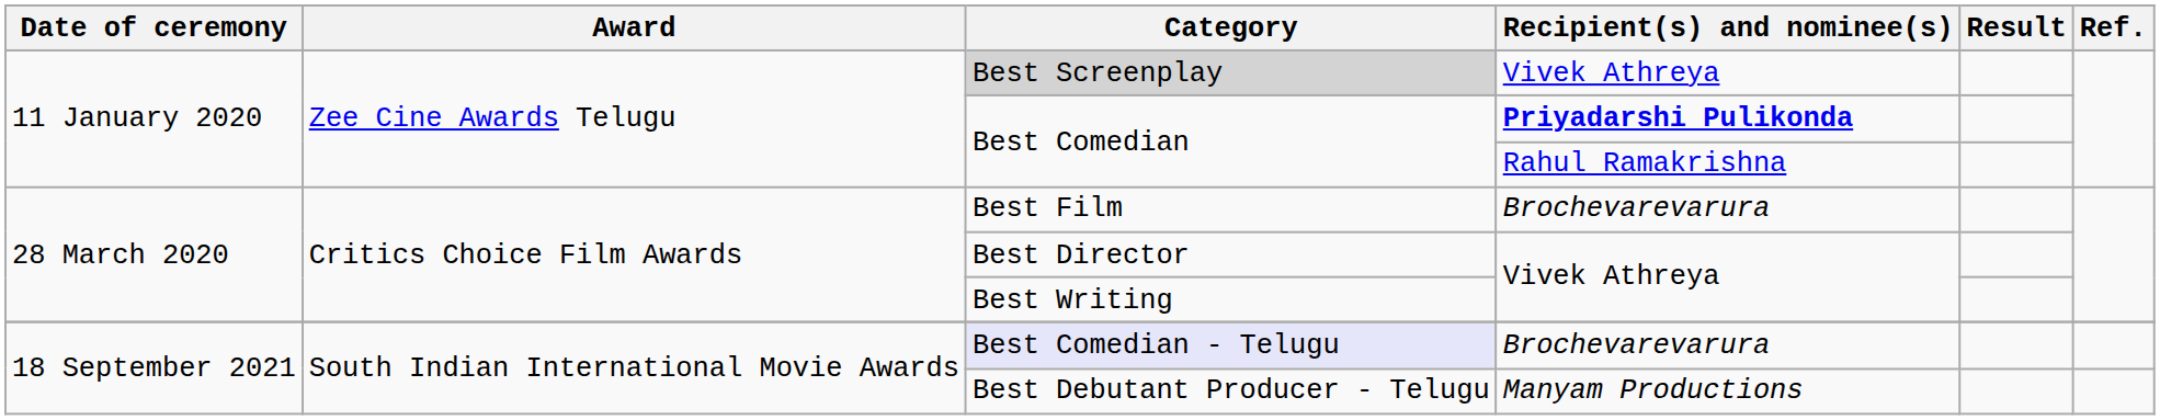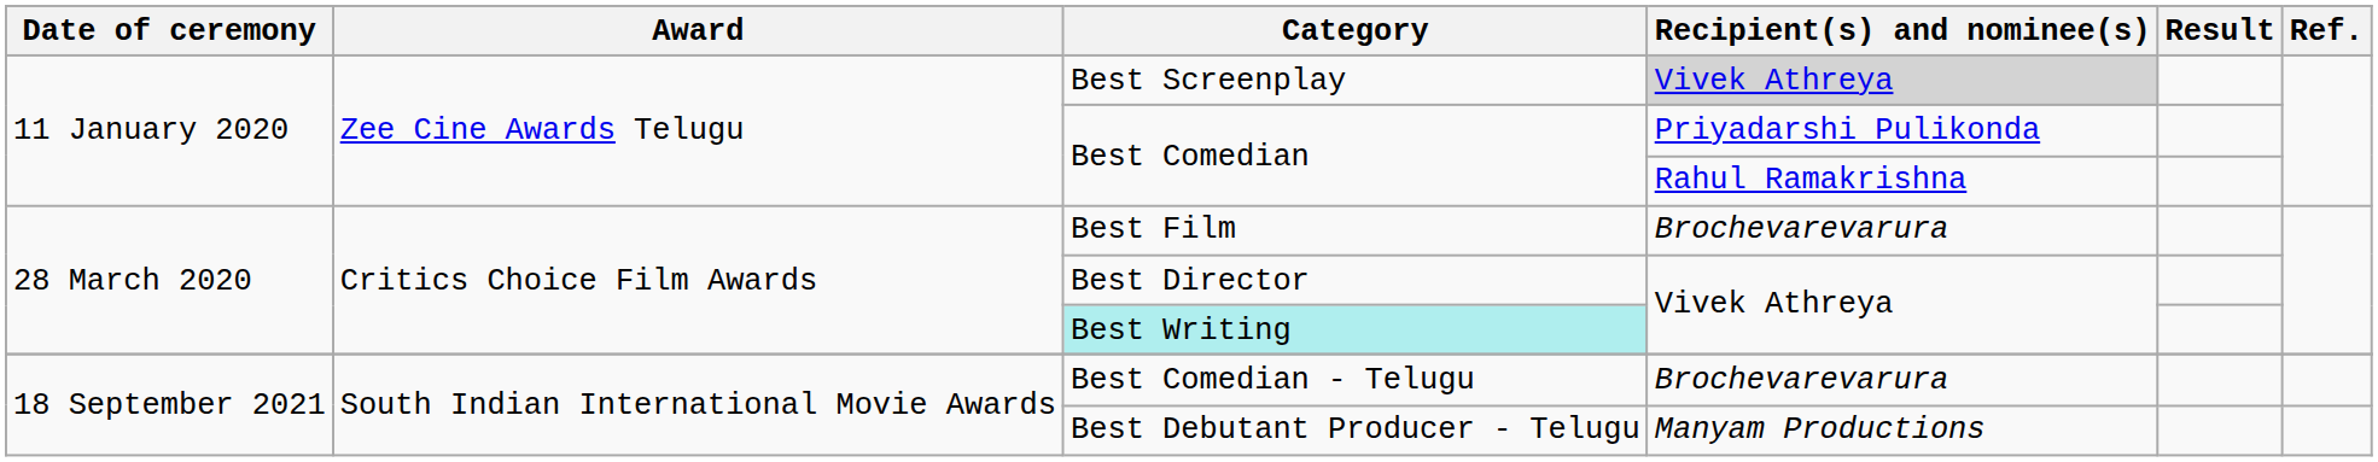 <table class="wikitable sortable">
 <tr>
 <th>Date of ceremony</th>
 <th>Award</th>
 <th>Category</th>
 <th>Recipient(s) and nominee(s)</th>
 <th>Result</th>
 <th>Ref.</th>
 </tr>
 <tr>
 <td rowspan="3">11 January 2020</td>
 <td rowspan="3"><a href='#'>Zee Cine Awards</a> Telugu</td>
-<td style="background: lightgrey;">Best Screenplay</td>
-<td><a href='#'>Vivek Athreya</a></td>
+<td>Best Screenplay</td>
+<td style="background: lightgrey;"><a href='#'>Vivek Athreya</a></td>
 <td></td>
 <td rowspan="3"></td>
 </tr>
 <tr>
 <td rowspan="2">Best Comedian</td>
-<td><strong><a href='#'>Priyadarshi Pulikonda</a></strong></td>
+<td><a href='#'>Priyadarshi Pulikonda</a></td>
 <td></td>
 </tr>
 <tr>
 <td><a href='#'>Rahul Ramakrishna</a></td>
 <td></td>
 </tr>
 <tr>
 <td rowspan="3">28 March 2020</td>
 <td rowspan="3">Critics Choice Film Awards</td>
 <td>Best Film</td>
 <td><em>Brochevarevarura</em></td>
 <td></td>
 <td rowspan="3"><br></td>
 </tr>
 <tr>
 <td>Best Director</td>
 <td rowspan="2">Vivek Athreya</td>
 <td></td>
 </tr>
 <tr>
-<td>Best Writing</td>
+<td style="background: paleturquoise;">Best Writing</td>
 <td></td>
 </tr>
 <tr>
 </tr>
 <tr>
 <td rowspan="2">18 September 2021</td>
 <td rowspan="2">South Indian International Movie Awards</td>
-<td style="background: lavender;">Best Comedian - Telugu</td>
+<td>Best Comedian - Telugu</td>
 <td><em>Brochevarevarura</em></td>
 <td></td>
 <td></td>
 </tr>
 <tr>
 <td>Best Debutant Producer - Telugu</td>
 <td><em>Manyam Productions</em></td>
 <td></td>
 <td></td>
 </tr>
 </table>
